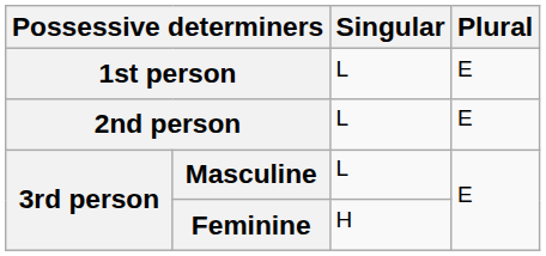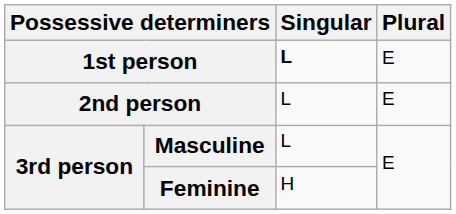 <table class="wikitable mw-collapsible">
 <tr>
 <th colspan="2">Possessive determiners</th>
 <th>Singular</th>
 <th>Plural</th>
 </tr>
 <tr>
 <th colspan="2">1st person</th>
-<td><sup>L</sup></td>
+<td><strong><sup>L</sup></strong></td>
 <td><sup>E</sup></td>
 </tr>
 <tr>
 <th colspan="2">2nd person</th>
 <td><sup>L</sup></td>
 <td><sup>E</sup></td>
 </tr>
 <tr>
 <th rowspan="2">3rd person</th>
 <th>Masculine</th>
 <td><sup>L</sup></td>
 <td rowspan="2"><sup>E</sup></td>
 </tr>
 <tr>
 <th>Feminine</th>
 <td><sup>H</sup></td>
 </tr>
 </table>
